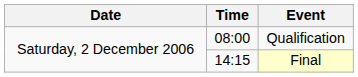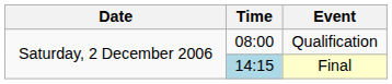 <table class = "wikitable" style="text-align:center;">
 <tr>
 <th width=220>Date</th>
 <th width=50>Time</th>
 <th width=100>Event</th>
 </tr>
 <tr>
 <td rowspan=2>Saturday, 2 December 2006</td>
 <td>08:00</td>
 <td>Qualification</td>
 </tr>
 <tr>
-<td>14:15</td>
+<td style="background: lightblue;">14:15</td>
 <td bgcolor=ffffcc>Final</td>
 </tr>
 </table>
